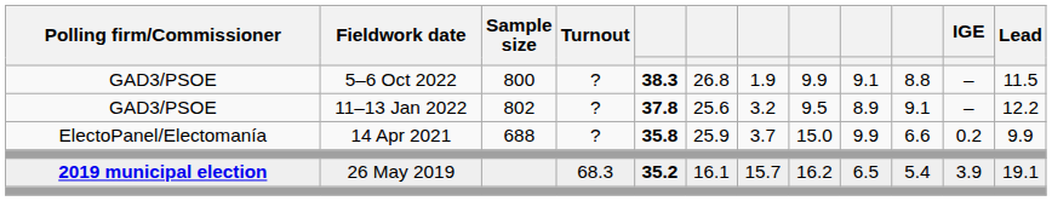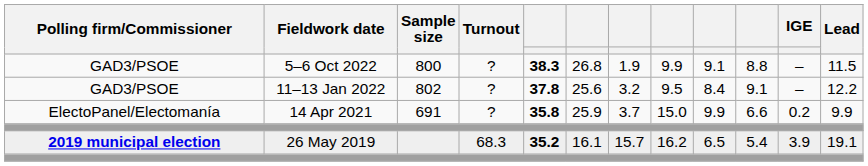 <table class="wikitable collapsible collapsed" style="text-align:center; font-size:95%; line-height:16px;">
 <tr style="height:42px;">
 <th style="width:250px;" rowspan="2">Polling firm/Commissioner</th>
 <th style="width:125px;" rowspan="2">Fieldwork date</th>
 <th style="width:50px;" rowspan="2">Sample size</th>
 <th style="width:45px;" rowspan="2">Turnout</th>
 <th style="width:35px;"></th>
 <th style="width:35px;"></th>
 <th style="width:35px;"></th>
 <th style="width:35px;"></th>
 <th style="width:35px;"></th>
 <th style="width:35px;"></th>
 <th style="width:35px;">IGE</th>
 <th style="width:30px;" rowspan="2">Lead</th>
 </tr>
 <tr>
 <th style="color:inherit;background:"></th>
 <th style="color:inherit;background:"></th>
 <th style="color:inherit;background:"></th>
 <th style="color:inherit;background:"></th>
 <th style="color:inherit;background:"></th>
 <th style="color:inherit;background:"></th>
 <th style="color:inherit;background:"></th>
 </tr>
 <tr>
 <td>GAD3/PSOE</td>
 <td>5–6 Oct 2022</td>
 <td>800</td>
 <td>?</td>
 <td><strong>38.3</strong><br></td>
 <td>26.8<br></td>
 <td>1.9<br></td>
 <td>9.9<br></td>
 <td>9.1<br></td>
 <td>8.8<br></td>
 <td>–</td>
 <td style="background:">11.5</td>
 </tr>
 <tr>
 <td>GAD3/PSOE</td>
 <td>11–13 Jan 2022</td>
 <td>802</td>
 <td>?</td>
 <td><strong>37.8</strong><br></td>
 <td>25.6<br></td>
 <td>3.2<br></td>
 <td>9.5<br></td>
-<td>8.9<br></td>
+<td>8.4<br></td>
 <td>9.1<br></td>
 <td>–</td>
 <td style="background:">12.2</td>
 </tr>
 <tr>
 <td>ElectoPanel/Electomanía</td>
 <td>14 Apr 2021</td>
-<td>688</td>
+<td>691</td>
 <td>?</td>
 <td><strong>35.8</strong><br></td>
 <td>25.9<br></td>
 <td>3.7<br></td>
 <td>15.0<br></td>
 <td>9.9<br></td>
 <td>6.6<br></td>
 <td>0.2<br></td>
 <td style="background:">9.9</td>
 </tr>
 <tr>
 <td colspan="12" style="background:#A0A0A0"></td>
 </tr>
 <tr style="background:#EFEFEF;">
 <td><strong><a href='#'>2019 municipal election</a></strong></td>
 <td>26 May 2019</td>
 <td></td>
 <td>68.3</td>
 <td><strong>35.2</strong><br></td>
 <td>16.1<br></td>
 <td>15.7<br></td>
 <td>16.2<br></td>
 <td>6.5<br></td>
 <td>5.4<br></td>
 <td>3.9<br></td>
 <td style="background:">19.1</td>
 </tr>
 <tr>
 <td colspan="12" style="background:#A0A0A0"></td>
 </tr>
 </table>
